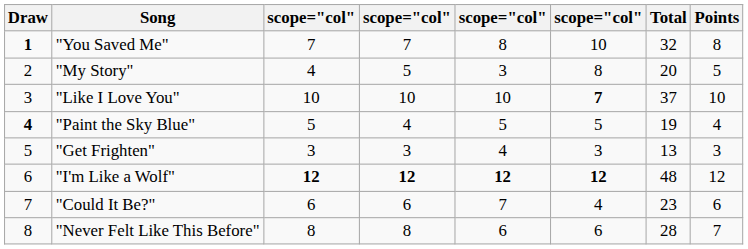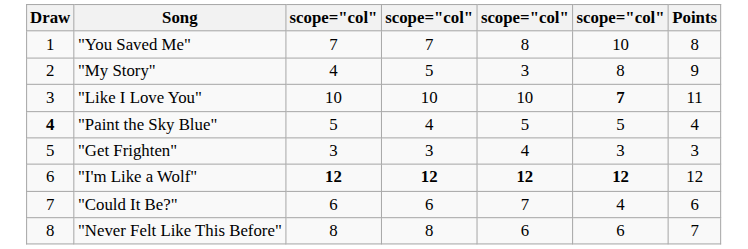 <table class="wikitable collapsible" style="margin: 1em auto 1em auto; text-align:center">
 <tr>
 <th>Draw</th>
 <th>Song</th>
 <th>scope="col" </th>
 <th>scope="col" </th>
 <th>scope="col" </th>
 <th>scope="col" </th>
-<th>Total</th>
 <th>Points</th>
 </tr>
 <tr>
-<td><strong>1</strong></td>
+<td>1</td>
 <td align="left">"You Saved Me"</td>
 <td>7</td>
 <td>7</td>
 <td>8</td>
 <td>10</td>
-<td>32</td>
 <td>8</td>
 </tr>
 <tr>
 <td>2</td>
 <td align="left">"My Story"</td>
 <td>4</td>
 <td>5</td>
 <td>3</td>
 <td>8</td>
-<td>20</td>
-<td>5</td>
+<td>9</td>
 </tr>
 <tr>
 <td>3</td>
 <td align="left">"Like I Love You"</td>
 <td>10</td>
 <td>10</td>
 <td>10</td>
 <td><strong>7</strong></td>
-<td>37</td>
-<td>10</td>
+<td>11</td>
 </tr>
 <tr>
 <td><strong>4</strong></td>
 <td align="left">"Paint the Sky Blue"</td>
 <td>5</td>
 <td>4</td>
 <td>5</td>
 <td>5</td>
-<td>19</td>
 <td>4</td>
 </tr>
 <tr>
 <td>5</td>
 <td align="left">"Get Frighten"</td>
 <td>3</td>
 <td>3</td>
 <td>4</td>
 <td>3</td>
-<td>13</td>
 <td>3</td>
 </tr>
 <tr>
 <td>6</td>
 <td align="left">"I'm Like a Wolf"</td>
 <td><strong>12</strong></td>
 <td><strong>12</strong></td>
 <td><strong>12</strong></td>
 <td><strong>12</strong></td>
-<td>48</td>
 <td>12</td>
 </tr>
 <tr>
 <td>7</td>
 <td align="left">"Could It Be?"</td>
 <td>6</td>
 <td>6</td>
 <td>7</td>
 <td>4</td>
-<td>23</td>
 <td>6</td>
 </tr>
 <tr>
 <td>8</td>
 <td align="left">"Never Felt Like This Before"</td>
 <td>8</td>
 <td>8</td>
 <td>6</td>
 <td>6</td>
-<td>28</td>
 <td>7</td>
 </tr>
 </table>
